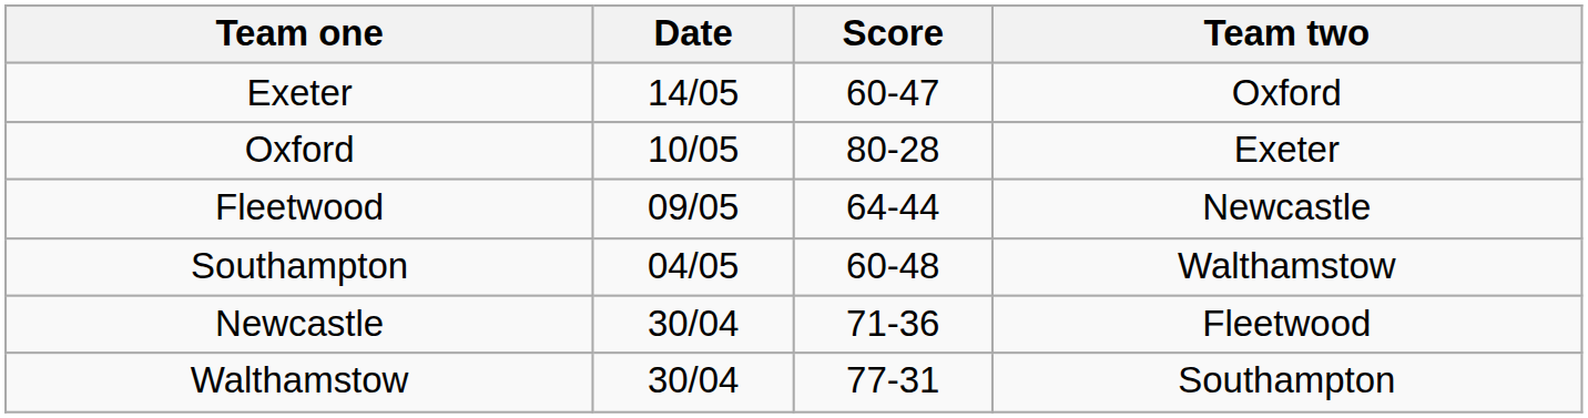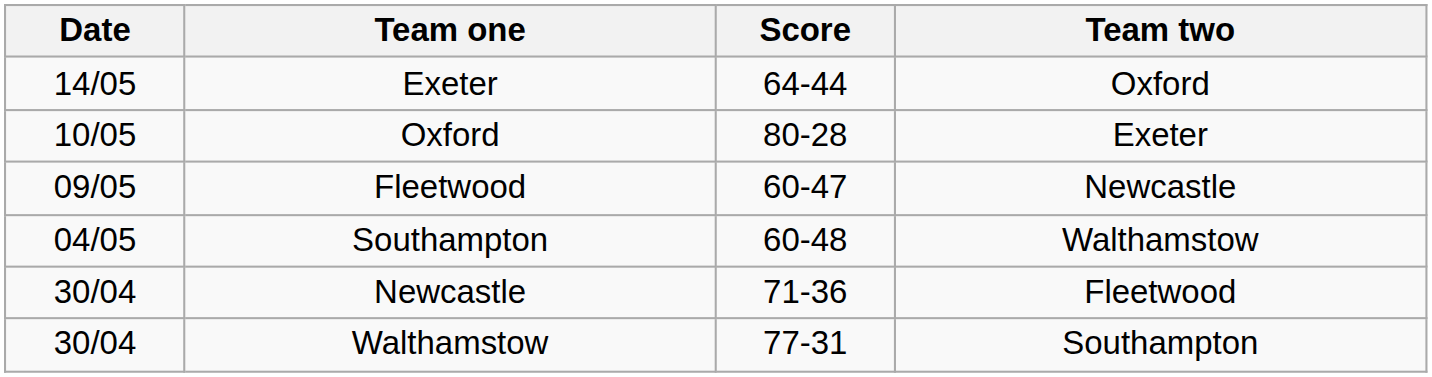 <table class="wikitable" style="text-align: center">
 <tr>
+<th width=80>Date</th>
 <th width=250>Team one</th>
-<th width=80>Date</th>
 <th width=80>Score</th>
 <th width=250>Team two</th>
 </tr>
 <tr>
+<td>14/05</td>
 <td>Exeter</td>
-<td>14/05</td>
-<td>60-47</td>
+<td>64-44</td>
 <td>Oxford</td>
 </tr>
 <tr>
+<td>10/05</td>
 <td>Oxford</td>
-<td>10/05</td>
 <td>80-28</td>
 <td>Exeter</td>
 </tr>
 <tr>
+<td>09/05</td>
 <td>Fleetwood</td>
-<td>09/05</td>
-<td>64-44</td>
+<td>60-47</td>
 <td>Newcastle</td>
 </tr>
 <tr>
+<td>04/05</td>
 <td>Southampton</td>
-<td>04/05</td>
 <td>60-48</td>
 <td>Walthamstow</td>
 </tr>
 <tr>
+<td>30/04</td>
 <td>Newcastle</td>
-<td>30/04</td>
 <td>71-36</td>
 <td>Fleetwood</td>
 </tr>
 <tr>
+<td>30/04</td>
 <td>Walthamstow</td>
-<td>30/04</td>
 <td>77-31</td>
 <td>Southampton</td>
 </tr>
 </table>
